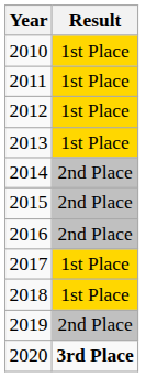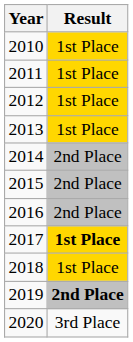 <table class=wikitable>
 <tr>
 <th>Year</th>
 <th>Result</th>
 </tr>
 <tr>
 <td>2010</td>
 <td style="background:gold;text-align:center;">1st Place</td>
 </tr>
 <tr>
 <td>2011</td>
 <td style="background:gold;text-align:center;">1st Place</td>
 </tr>
 <tr>
 <td>2012</td>
 <td style="background:gold;text-align:center;">1st Place</td>
 </tr>
 <tr>
 <td>2013</td>
 <td style="background:gold;text-align:center;">1st Place</td>
 </tr>
 <tr>
 <td>2014</td>
 <td style="background:silver;text-align:center;">2nd Place</td>
 </tr>
 <tr>
 <td>2015</td>
 <td style="background:silver;text-align:center;">2nd Place</td>
 </tr>
 <tr>
 <td>2016</td>
 <td style="background:silver;text-align:center;">2nd Place</td>
 </tr>
 <tr>
 <td>2017</td>
-<td style="background:gold;text-align:center;">1st Place</td>
+<td style="background:gold;text-align:center;"><strong>1st Place</strong></td>
 </tr>
 <tr>
 <td>2018</td>
 <td style="background:gold;text-align:center;">1st Place</td>
 </tr>
 <tr>
 <td>2019</td>
-<td style="background:silver;text-align:center;">2nd Place</td>
+<td style="background:silver;text-align:center;"><strong>2nd Place</strong></td>
 </tr>
 <tr>
 <td>2020</td>
-<td style="background:bronze;text-align:center;"><strong>3rd Place</strong></td>
+<td style="background:bronze;text-align:center;">3rd Place</td>
 </tr>
 </table>
